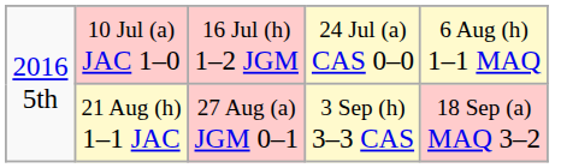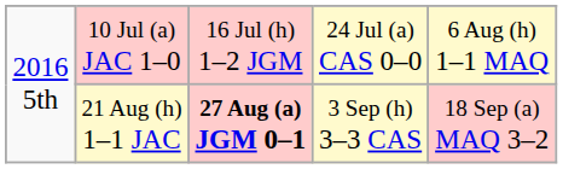 <table class="wikitable" style="text-align:center; font-size:80%">
 <tr>
 <td rowspan=2><a href='#'>2016</a><br>5th</td>
 <td style="background:#ffcccc;"><small>10 Jul (a)</small><br><a href='#'>JAC</a> 1–0</td>
 <td style="background:#ffcccc;"><small>16 Jul (h)</small><br>1–2 <a href='#'>JGM</a></td>
 <td style="background:#fffacd;"><small>24 Jul (a)</small><br><a href='#'>CAS</a> 0–0</td>
 <td style="background:#fffacd;"><small>6 Aug (h)</small><br>1–1 <a href='#'>MAQ</a></td>
 </tr>
 <tr>
 <td style="background:#fffacd;"><small>21 Aug (h)</small><br>1–1 <a href='#'>JAC</a></td>
-<td style="background:#ffcccc;"><small>27 Aug (a)</small><br><a href='#'>JGM</a> 0–1</td>
+<td style="background:#ffcccc;"><strong><small>27 Aug (a)</small><br><a href='#'>JGM</a> 0–1</strong></td>
 <td style="background:#fffacd;"><small>3 Sep (h)</small><br>3–3 <a href='#'>CAS</a></td>
 <td style="background:#ffcccc;"><small>18 Sep (a)</small><br><a href='#'>MAQ</a> 3–2</td>
 </tr>
 </table>
